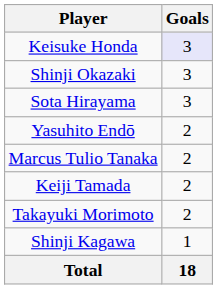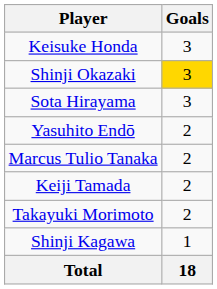 <table class="wikitable" style="text-align: center;">
 <tr>
 <th>Player</th>
 <th>Goals</th>
 </tr>
 <tr>
 <td><a href='#'>Keisuke Honda</a></td>
-<td style="background: lavender;">3</td>
+<td>3</td>
 </tr>
 <tr>
 <td><a href='#'>Shinji Okazaki</a></td>
-<td>3</td>
+<td style="background: gold;">3</td>
 </tr>
 <tr>
 <td><a href='#'>Sota Hirayama</a></td>
 <td>3</td>
 </tr>
 <tr>
 <td><a href='#'>Yasuhito Endō</a></td>
 <td>2</td>
 </tr>
 <tr>
 <td><a href='#'>Marcus Tulio Tanaka</a></td>
 <td>2</td>
 </tr>
 <tr>
 <td><a href='#'>Keiji Tamada</a></td>
 <td>2</td>
 </tr>
 <tr>
 <td><a href='#'>Takayuki Morimoto</a></td>
 <td>2</td>
 </tr>
 <tr>
 <td><a href='#'>Shinji Kagawa</a></td>
 <td>1</td>
 </tr>
 <tr>
 <th>Total</th>
 <th>18</th>
 </tr>
 </table>
